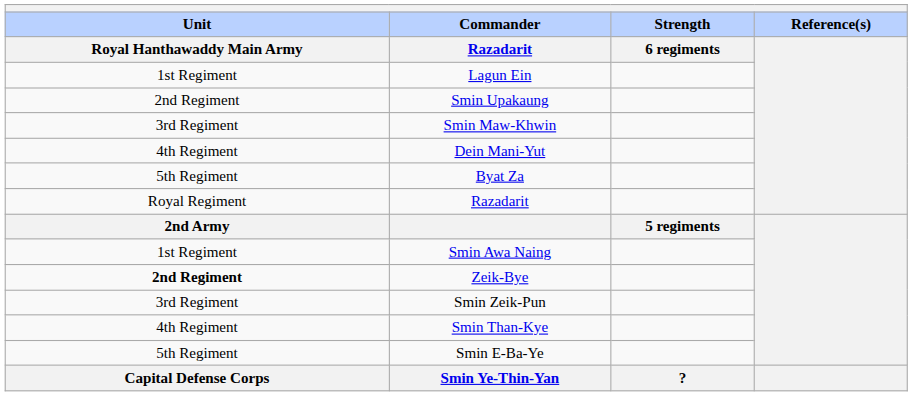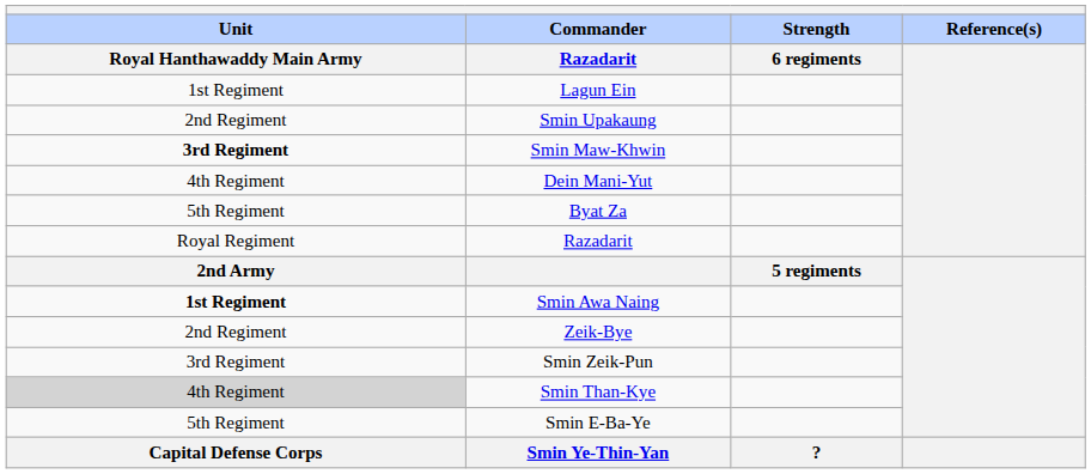 <table class="wikitable collapsible" style="min-width:60em; margin:0.3em auto; font-size:88%;">
 <tr>
 <th colspan=5></th>
 </tr>
 <tr>
 <th style="background-color:#B9D1FF">Unit</th>
 <th style="background-color:#B9D1FF">Commander</th>
 <th style="background-color:#B9D1FF">Strength</th>
 <th style="background-color:#B9D1FF">Reference(s)</th>
 </tr>
 <tr>
 <th colspan="1">Royal Hanthawaddy Main Army</th>
 <th colspan="1"><a href='#'>Razadarit</a></th>
 <th colspan="1">6 regiments</th>
 <th rowspan="7"></th>
 </tr>
 <tr>
 <td align="center">1st Regiment</td>
 <td align="center"><a href='#'>Lagun Ein</a></td>
 <td align="center"></td>
 </tr>
 <tr>
 <td align="center">2nd Regiment</td>
 <td align="center"><a href='#'>Smin Upakaung</a></td>
 <td align="center"></td>
 </tr>
 <tr>
-<td align="center">3rd Regiment</td>
+<td align="center"><strong>3rd Regiment</strong></td>
 <td align="center"><a href='#'>Smin Maw-Khwin</a></td>
 <td align="center"></td>
 </tr>
 <tr>
 <td align="center">4th Regiment</td>
 <td align="center"><a href='#'>Dein Mani-Yut</a></td>
 <td align="center"></td>
 </tr>
 <tr>
 <td align="center">5th Regiment</td>
 <td align="center"><a href='#'>Byat Za</a></td>
 <td align="center"></td>
 </tr>
 <tr>
 <td align="center">Royal Regiment</td>
 <td align="center"><a href='#'>Razadarit</a></td>
 <td align="center"></td>
 </tr>
 <tr>
 <th colspan="1">2nd Army</th>
 <th colspan="1"></th>
 <th colspan="1">5 regiments</th>
 <th rowspan="6"></th>
 </tr>
 <tr>
-<td align="center">1st Regiment</td>
+<td align="center"><strong>1st Regiment</strong></td>
 <td align="center"><a href='#'>Smin Awa Naing</a></td>
 <td align="center"></td>
 </tr>
 <tr>
-<td align="center"><strong>2nd Regiment</strong></td>
+<td align="center">2nd Regiment</td>
 <td align="center"><a href='#'>Zeik-Bye</a></td>
 <td align="center"></td>
 </tr>
 <tr>
 <td align="center">3rd Regiment</td>
 <td align="center">Smin Zeik-Pun</td>
 <td align="center"></td>
 </tr>
 <tr>
-<td align="center">4th Regiment</td>
+<td align="center" style="background: lightgrey;">4th Regiment</td>
 <td align="center"><a href='#'>Smin Than-Kye</a></td>
 <td align="center"></td>
 </tr>
 <tr>
 <td align="center">5th Regiment</td>
 <td align="center">Smin E-Ba-Ye</td>
 <td align="center"></td>
 </tr>
 <tr>
 <th colspan="1">Capital Defense Corps</th>
 <th colspan="1"><a href='#'>Smin Ye-Thin-Yan</a></th>
 <th colspan="1">?</th>
 <th colspan="1"></th>
 </tr>
 </table>
